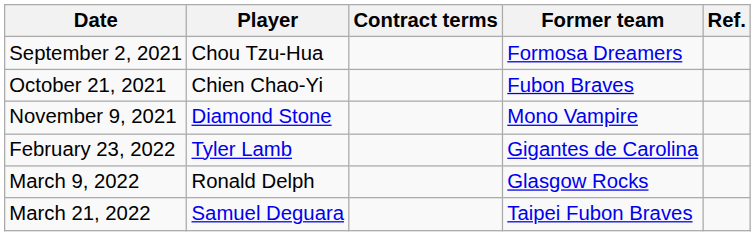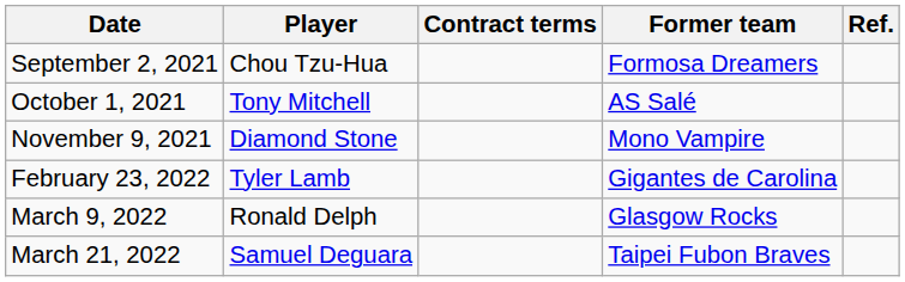 <table class="wikitable">
 <tr>
 <th>Date</th>
 <th>Player</th>
 <th>Contract terms</th>
 <th>Former team</th>
 <th>Ref.</th>
 </tr>
 <tr>
 <td>September 2, 2021</td>
 <td>Chou Tzu-Hua</td>
 <td></td>
 <td> <a href='#'>Formosa Dreamers</a></td>
 <td></td>
 </tr>
 <tr>
-<td>October 21, 2021</td>
-<td>Chien Chao-Yi</td>
+<td>October 1, 2021</td>
+<td><a href='#'>Tony Mitchell</a></td>
 <td></td>
-<td> <a href='#'>Fubon Braves</a></td>
+<td> <a href='#'>AS Salé</a></td>
 <td></td>
 </tr>
 <tr>
 <td>November 9, 2021</td>
 <td><a href='#'>Diamond Stone</a></td>
 <td></td>
 <td> <a href='#'>Mono Vampire</a></td>
 <td></td>
 </tr>
 <tr>
 <td>February 23, 2022</td>
 <td><a href='#'>Tyler Lamb</a></td>
 <td></td>
 <td> <a href='#'>Gigantes de Carolina</a></td>
 <td></td>
 </tr>
 <tr>
 <td>March 9, 2022</td>
 <td>Ronald Delph</td>
 <td></td>
 <td> <a href='#'>Glasgow Rocks</a></td>
 <td></td>
 </tr>
 <tr>
 <td>March 21, 2022</td>
 <td><a href='#'>Samuel Deguara</a></td>
 <td></td>
 <td> <a href='#'>Taipei Fubon Braves</a></td>
 <td></td>
 </tr>
 </table>
